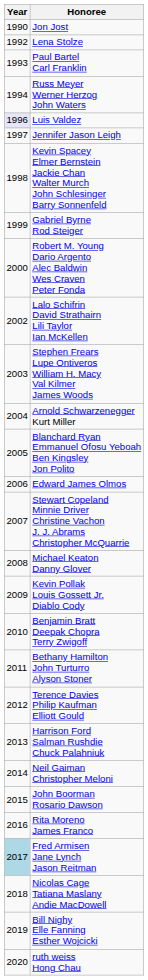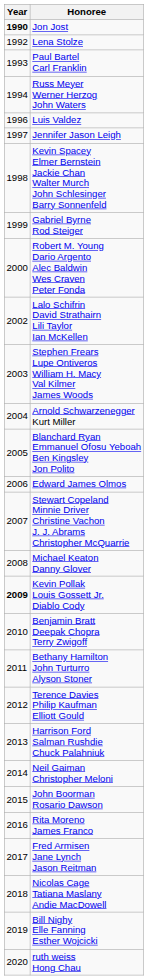 <table class="wikitable">
 <tr>
 <th>Year</th>
 <th>Honoree</th>
 </tr>
 <tr>
-<td>1990</td>
+<td><strong>1990</strong></td>
 <td><a href='#'>Jon Jost</a></td>
 </tr>
 <tr>
 <td>1992</td>
 <td><a href='#'>Lena Stolze</a></td>
 </tr>
 <tr>
 <td>1993</td>
 <td><a href='#'>Paul Bartel</a><br><a href='#'>Carl Franklin</a></td>
 </tr>
 <tr>
 <td>1994</td>
 <td><a href='#'>Russ Meyer</a><br><a href='#'>Werner Herzog</a><br><a href='#'>John Waters</a></td>
 </tr>
 <tr>
-<td style="background: lavender;">1996</td>
+<td>1996</td>
 <td><a href='#'>Luis Valdez</a></td>
 </tr>
 <tr>
 <td>1997</td>
 <td><a href='#'>Jennifer Jason Leigh</a></td>
 </tr>
 <tr>
 <td>1998</td>
 <td><a href='#'>Kevin Spacey</a><br><a href='#'>Elmer Bernstein</a><br><a href='#'>Jackie Chan</a><br><a href='#'>Walter Murch</a><br><a href='#'>John Schlesinger</a><br><a href='#'>Barry Sonnenfeld</a></td>
 </tr>
 <tr>
 <td>1999</td>
 <td><a href='#'>Gabriel Byrne</a><br><a href='#'>Rod Steiger</a></td>
 </tr>
 <tr>
 <td>2000</td>
 <td><a href='#'>Robert M. Young</a><br><a href='#'>Dario Argento</a><br><a href='#'>Alec Baldwin</a><br><a href='#'>Wes Craven</a><br><a href='#'>Peter Fonda</a></td>
 </tr>
 <tr>
 <td>2002</td>
 <td><a href='#'>Lalo Schifrin</a><br><a href='#'>David Strathairn</a><br><a href='#'>Lili Taylor</a><br><a href='#'>Ian McKellen</a></td>
 </tr>
 <tr>
 <td>2003</td>
 <td><a href='#'>Stephen Frears</a><br><a href='#'>Lupe Ontiveros</a><br><a href='#'>William H. Macy</a><br><a href='#'>Val Kilmer</a><br><a href='#'>James Woods</a></td>
 </tr>
 <tr>
 <td>2004</td>
 <td><a href='#'>Arnold Schwarzenegger</a><br>Kurt Miller</td>
 </tr>
 <tr>
 <td>2005</td>
 <td><a href='#'>Blanchard Ryan</a><br><a href='#'>Emmanuel Ofosu Yeboah</a><br><a href='#'>Ben Kingsley</a><br><a href='#'>Jon Polito</a></td>
 </tr>
 <tr>
 <td>2006</td>
 <td><a href='#'>Edward James Olmos</a></td>
 </tr>
 <tr>
 <td>2007</td>
 <td><a href='#'>Stewart Copeland</a><br><a href='#'>Minnie Driver</a><br><a href='#'>Christine Vachon</a><br><a href='#'>J. J. Abrams</a><br><a href='#'>Christopher McQuarrie</a></td>
 </tr>
 <tr>
 <td>2008</td>
 <td><a href='#'>Michael Keaton</a><br><a href='#'>Danny Glover</a></td>
 </tr>
 <tr>
-<td>2009</td>
+<td><strong>2009</strong></td>
 <td><a href='#'>Kevin Pollak</a><br><a href='#'>Louis Gossett Jr.</a><br><a href='#'>Diablo Cody</a></td>
 </tr>
 <tr>
 <td>2010</td>
 <td><a href='#'>Benjamin Bratt</a><br><a href='#'>Deepak Chopra</a><br><a href='#'>Terry Zwigoff</a></td>
 </tr>
 <tr>
 <td>2011</td>
 <td><a href='#'>Bethany Hamilton</a><br><a href='#'>John Turturro</a><br><a href='#'>Alyson Stoner</a></td>
 </tr>
 <tr>
 <td>2012</td>
 <td><a href='#'>Terence Davies</a><br><a href='#'>Philip Kaufman</a><br><a href='#'>Elliott Gould</a></td>
 </tr>
 <tr>
 <td>2013</td>
 <td><a href='#'>Harrison Ford</a><br><a href='#'>Salman Rushdie</a><br><a href='#'>Chuck Palahniuk</a></td>
 </tr>
 <tr>
 <td>2014</td>
 <td><a href='#'>Neil Gaiman</a><br><a href='#'>Christopher Meloni</a></td>
 </tr>
 <tr>
 <td>2015</td>
 <td><a href='#'>John Boorman</a><br><a href='#'>Rosario Dawson</a></td>
 </tr>
 <tr>
 <td>2016</td>
 <td><a href='#'>Rita Moreno</a><br><a href='#'>James Franco</a></td>
 </tr>
 <tr>
-<td style="background: lightblue;">2017</td>
+<td>2017</td>
 <td><a href='#'>Fred Armisen</a><br><a href='#'>Jane Lynch</a><br><a href='#'>Jason Reitman</a></td>
 </tr>
 <tr>
 <td>2018</td>
 <td><a href='#'>Nicolas Cage</a><br><a href='#'>Tatiana Maslany</a><br><a href='#'>Andie MacDowell</a></td>
 </tr>
 <tr>
 <td>2019</td>
 <td><a href='#'>Bill Nighy</a><br><a href='#'>Elle Fanning</a><br><a href='#'>Esther Wojcicki</a></td>
 </tr>
 <tr>
 <td>2020</td>
 <td><a href='#'>ruth weiss</a><br><a href='#'>Hong Chau</a></td>
 </tr>
 </table>
